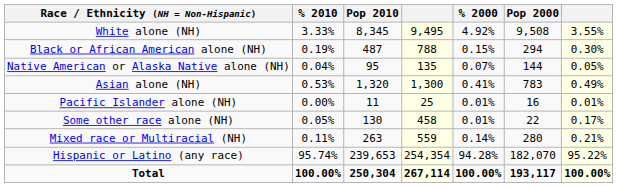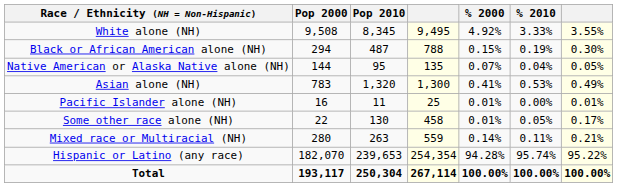 <table class="wikitable" style="text-align:center;">
 <tr>
 <th>Race / Ethnicity <small>(<em>NH = Non-Hispanic</em>)</small></th>
-<th>% 2010</th>
+<th>Pop 2000</th>
 <th>Pop 2010</th>
 <th></th>
 <th>% 2000</th>
-<th>Pop 2000</th>
+<th>% 2010</th>
 <th></th>
 </tr>
 <tr>
 <td><a href='#'>White</a> alone (NH)</td>
-<td>3.33%</td>
+<td>9,508</td>
 <td>8,345</td>
 <td style='background: #ffffe6;'>9,495</td>
 <td>4.92%</td>
-<td>9,508</td>
+<td>3.33%</td>
 <td style='background: #ffffe6;'>3.55%</td>
 </tr>
 <tr>
 <td><a href='#'>Black or African American</a> alone (NH)</td>
-<td>0.19%</td>
+<td>294</td>
 <td>487</td>
 <td style='background: #ffffe6;'>788</td>
 <td>0.15%</td>
-<td>294</td>
+<td>0.19%</td>
 <td style='background: #ffffe6;'>0.30%</td>
 </tr>
 <tr>
 <td><a href='#'>Native American</a> or <a href='#'>Alaska Native</a> alone (NH)</td>
-<td>0.04%</td>
+<td>144</td>
 <td>95</td>
 <td style='background: #ffffe6;'>135</td>
 <td>0.07%</td>
-<td>144</td>
+<td>0.04%</td>
 <td style='background: #ffffe6;'>0.05%</td>
 </tr>
 <tr>
 <td><a href='#'>Asian</a> alone (NH)</td>
-<td>0.53%</td>
+<td>783</td>
 <td>1,320</td>
 <td style='background: #ffffe6;'>1,300</td>
 <td>0.41%</td>
-<td>783</td>
+<td>0.53%</td>
 <td style='background: #ffffe6;'>0.49%</td>
 </tr>
 <tr>
 <td><a href='#'>Pacific Islander</a> alone (NH)</td>
-<td>0.00%</td>
+<td>16</td>
 <td>11</td>
 <td style='background: #ffffe6;'>25</td>
 <td>0.01%</td>
-<td>16</td>
+<td>0.00%</td>
 <td style='background: #ffffe6;'>0.01%</td>
 </tr>
 <tr>
 <td><a href='#'>Some other race</a> alone (NH)</td>
-<td>0.05%</td>
+<td>22</td>
 <td>130</td>
 <td style='background: #ffffe6;'>458</td>
 <td>0.01%</td>
-<td>22</td>
+<td>0.05%</td>
 <td style='background: #ffffe6;'>0.17%</td>
 </tr>
 <tr>
 <td><a href='#'>Mixed race or Multiracial</a> (NH)</td>
-<td>0.11%</td>
+<td>280</td>
 <td>263</td>
 <td style='background: #ffffe6;'>559</td>
 <td>0.14%</td>
-<td>280</td>
+<td>0.11%</td>
 <td style='background: #ffffe6;'>0.21%</td>
 </tr>
 <tr>
 <td><a href='#'>Hispanic or Latino</a> (any race)</td>
-<td>95.74%</td>
+<td>182,070</td>
 <td>239,653</td>
 <td style='background: #ffffe6;'>254,354</td>
 <td>94.28%</td>
-<td>182,070</td>
+<td>95.74%</td>
 <td style='background: #ffffe6;'>95.22%</td>
 </tr>
 <tr>
 <td><strong>Total</strong></td>
-<td><strong>100.00%</strong></td>
+<td><strong>193,117</strong></td>
 <td><strong>250,304</strong></td>
 <td style='background: #ffffe6;'><strong>267,114</strong></td>
 <td><strong>100.00%</strong></td>
-<td><strong>193,117</strong></td>
+<td><strong>100.00%</strong></td>
 <td style='background: #ffffe6;'><strong>100.00%</strong></td>
 </tr>
 </table>
